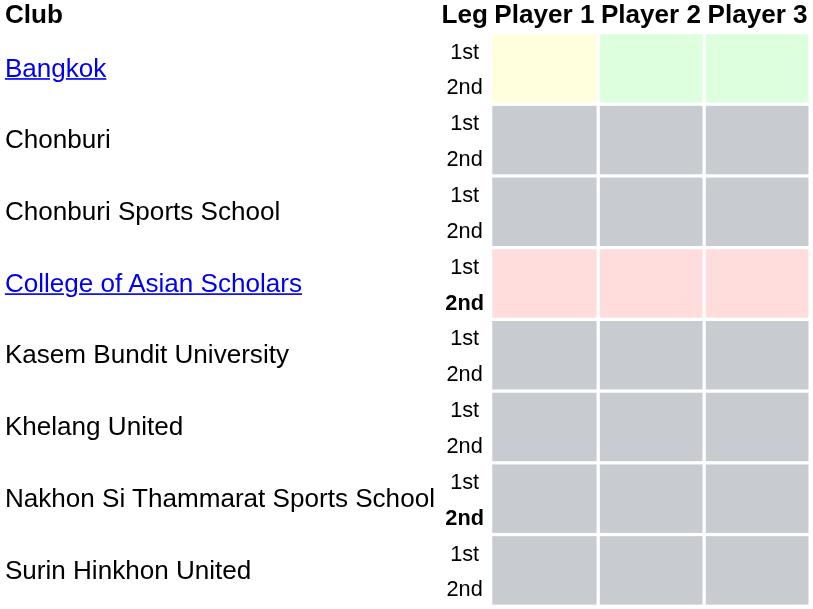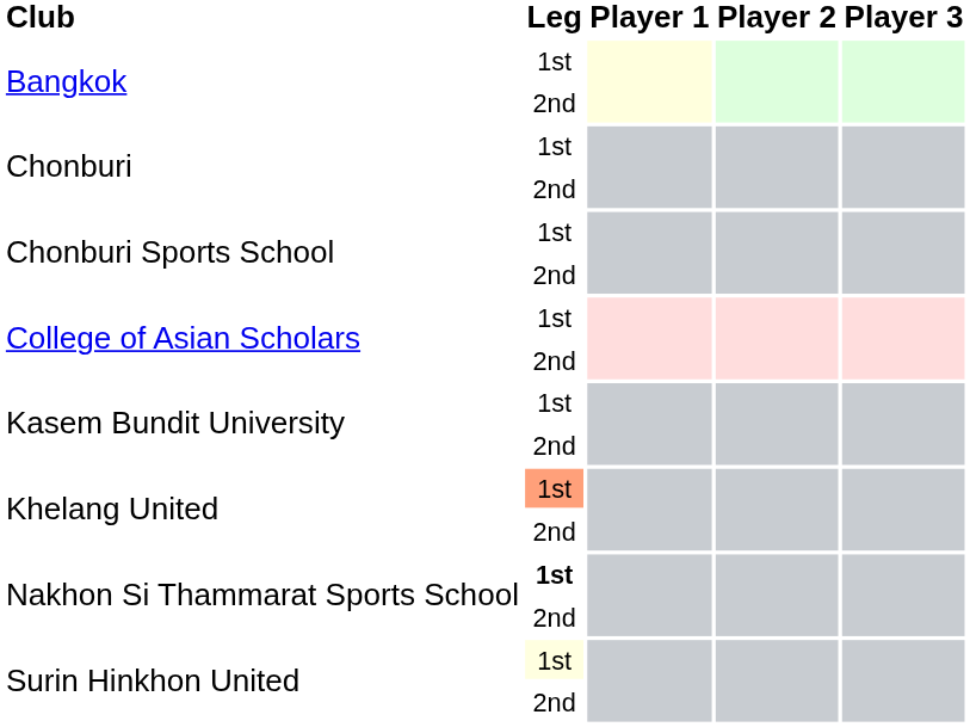 <table class="sortable" style="text-align:left">
 <tr>
 <th>Club</th>
 <th>Leg</th>
 <th>Player 1</th>
 <th>Player 2</th>
 <th>Player 3</th>
 </tr>
 <tr>
 <td rowspan="2"><a href='#'>Bangkok</a></td>
 <td align="center"><small>1st</small></td>
 <td bgcolor="#ffffdd"rowspan="2"></td>
 <td bgcolor="#ddffdd"rowspan="2"></td>
 <td bgcolor="#ddffdd"rowspan="2"></td>
 </tr>
 <tr>
 <td align="center"><small>2nd</small></td>
 </tr>
 <tr>
 <td rowspan="2">Chonburi</td>
 <td align="center"><small>1st</small></td>
 <td bgcolor="#c8ccd1"rowspan="2"></td>
 <td bgcolor="#c8ccd1"rowspan="2"></td>
 <td bgcolor="#c8ccd1"rowspan="2"></td>
 </tr>
 <tr>
 <td align="center"><small>2nd</small></td>
 </tr>
 <tr>
 <td rowspan="2">Chonburi Sports School</td>
 <td align="center"><small>1st</small></td>
 <td bgcolor="#c8ccd1"rowspan="2"></td>
 <td bgcolor="#c8ccd1"rowspan="2"></td>
 <td bgcolor="#c8ccd1"rowspan="2"></td>
 </tr>
 <tr>
 <td align="center"><small>2nd</small></td>
 </tr>
 <tr>
 <td rowspan="2"><a href='#'>College of Asian Scholars</a></td>
 <td align="center"><small>1st</small></td>
 <td bgcolor="#ffdddd"rowspan="2"></td>
 <td bgcolor="#ffdddd"rowspan="2"></td>
 <td bgcolor="#ffdddd"rowspan="2"></td>
 </tr>
 <tr>
-<td align="center"><strong><small>2nd</small></strong></td>
+<td align="center"><small>2nd</small></td>
 </tr>
 <tr>
 <td rowspan="2">Kasem Bundit University</td>
 <td align="center"><small>1st</small></td>
 <td bgcolor="#c8ccd1"rowspan="2"></td>
 <td bgcolor="#c8ccd1"rowspan="2"></td>
 <td bgcolor="#c8ccd1"rowspan="2"></td>
 </tr>
 <tr>
 <td align="center"><small>2nd</small></td>
 </tr>
 <tr>
 <td rowspan="2">Khelang United</td>
-<td align="center"><small>1st</small></td>
+<td align="center" style="background: lightsalmon;"><small>1st</small></td>
 <td bgcolor="#c8ccd1"rowspan="2"></td>
 <td bgcolor="#c8ccd1"rowspan="2"></td>
 <td bgcolor="#c8ccd1"rowspan="2"></td>
 </tr>
 <tr>
 <td align="center"><small>2nd</small></td>
 </tr>
 <tr>
 <td rowspan="2">Nakhon Si Thammarat Sports School</td>
-<td align="center"><small>1st</small></td>
+<td align="center"><strong><small>1st</small></strong></td>
 <td bgcolor="#c8ccd1"rowspan="2"></td>
 <td bgcolor="#c8ccd1"rowspan="2"></td>
 <td bgcolor="#c8ccd1"rowspan="2"></td>
 </tr>
 <tr>
-<td align="center"><strong><small>2nd</small></strong></td>
+<td align="center"><small>2nd</small></td>
 </tr>
 <tr>
 <td rowspan="2">Surin Hinkhon United</td>
-<td align="center"><small>1st</small></td>
+<td align="center" style="background: lightyellow;"><small>1st</small></td>
 <td bgcolor="#c8ccd1"rowspan="2"></td>
 <td bgcolor="#c8ccd1"rowspan="2"></td>
 <td bgcolor="#c8ccd1"rowspan="2"></td>
 </tr>
 <tr>
 <td align="center"><small>2nd</small></td>
 </tr>
 </table>
